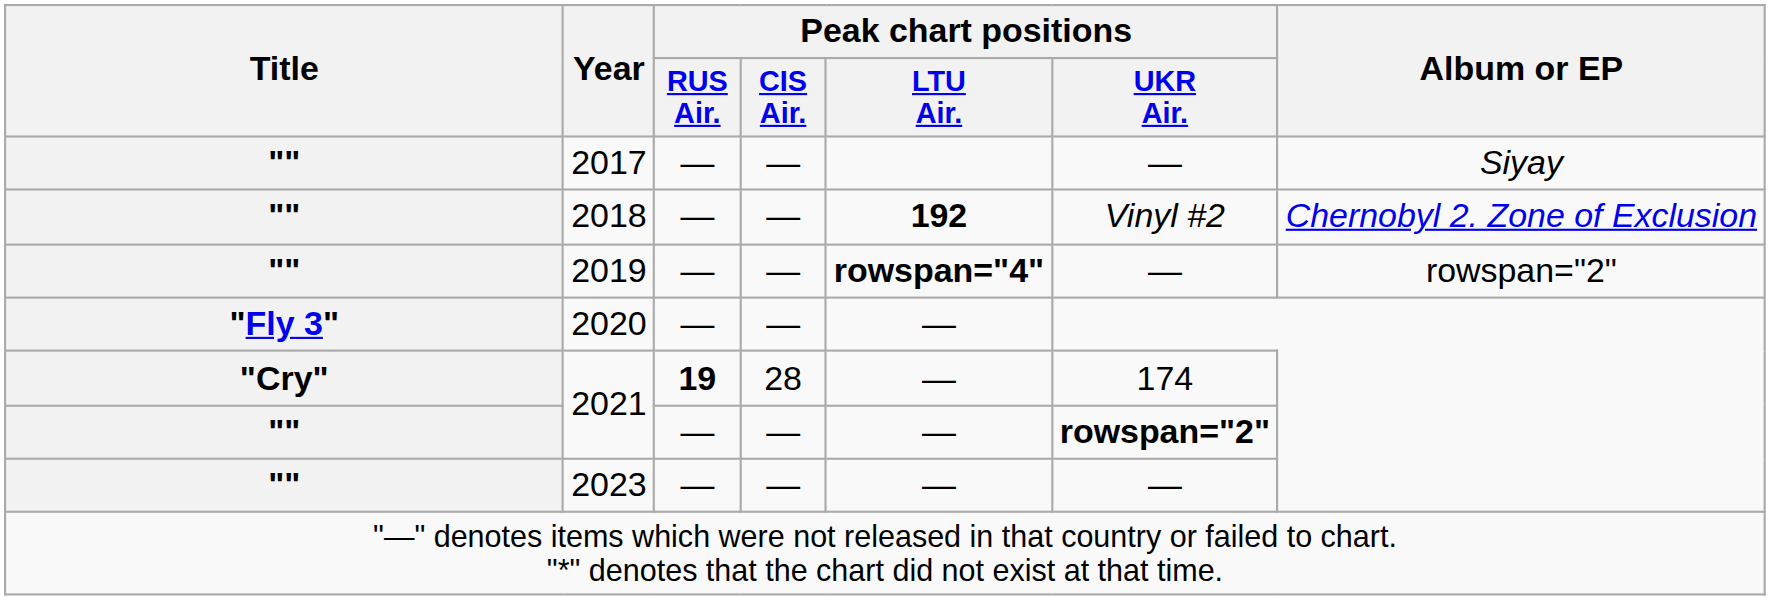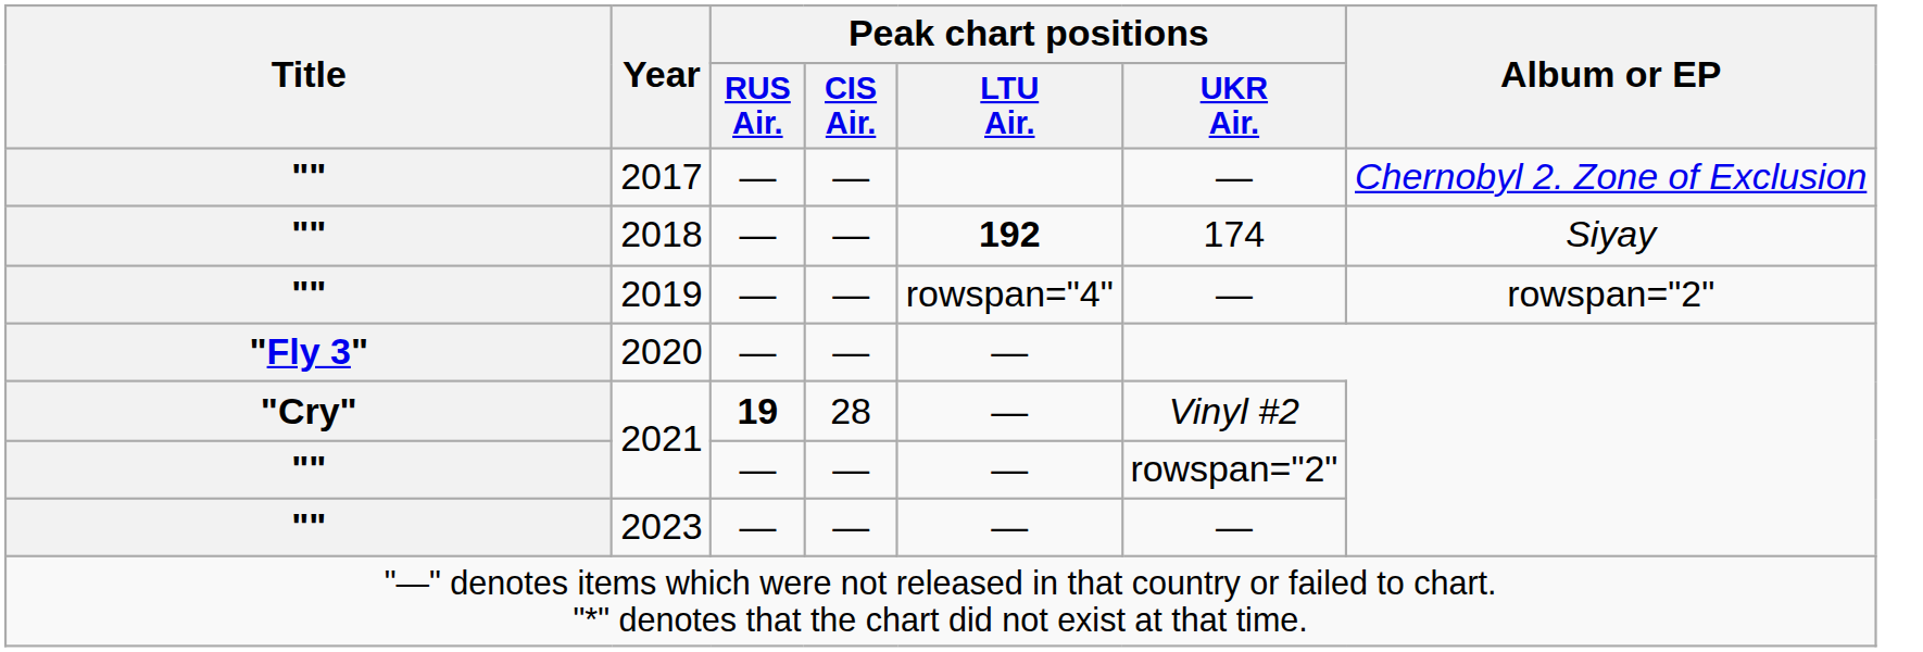 <table class="wikitable plainrowheaders" style="text-align:center;">
 <tr>
 <th rowspan="2" style="width:16em;">Title</th>
 <th rowspan="2" style="width:1em;">Year</th>
 <th colspan="4">Peak chart positions</th>
 <th rowspan="2">Album or EP</th>
 </tr>
 <tr>
 <th scope="col" style="width:2.5em;font-size:85%;"><a href='#'>RUS<br>Air.</a><br></th>
 <th scope="col" style="width:2.5em;font-size:85%;"><a href='#'>CIS<br>Air.</a><br></th>
 <th scope="col" style="width:2.5em;font-size:85%;"><a href='#'>LTU<br>Air.</a><br></th>
 <th scope="col" style="width:2.5em;font-size:85%;"><a href='#'>UKR<br>Air.</a><br></th>
 </tr>
 <tr>
 <th scope="row">""</th>
 <td align="center">2017</td>
 <td>—</td>
 <td>—</td>
 <td></td>
 <td>—</td>
-<td><em>Siyay</em></td>
+<td><em><a href='#'>Chernobyl 2. Zone of Exclusion</a></em><br></td>
 </tr>
 <tr>
 <th scope="row">""</th>
 <td>2018</td>
 <td>—</td>
 <td>—</td>
 <td><strong>192</strong></td>
-<td><em>Vinyl #2</em></td>
-<td><em><a href='#'>Chernobyl 2. Zone of Exclusion</a></em><br></td>
+<td>174</td>
+<td><em>Siyay</em></td>
 </tr>
 <tr>
 <th scope="row">""</th>
 <td>2019</td>
 <td>—</td>
 <td>—</td>
-<td><strong>rowspan="4" </strong></td>
+<td>rowspan="4" </td>
 <td>—</td>
 <td>rowspan="2" </td>
 </tr>
 <tr>
 <th scope="row">"<a href='#'>Fly 3</a>"<br></th>
 <td>2020</td>
 <td>—</td>
 <td>—</td>
 <td>—</td>
 </tr>
 <tr>
 <th scope="row">"Cry"</th>
 <td rowspan="2">2021</td>
 <td><strong>19</strong></td>
 <td>28</td>
 <td>—</td>
-<td>174</td>
+<td><em>Vinyl #2</em></td>
 </tr>
 <tr>
 <th scope="row">""<br></th>
 <td>—</td>
 <td>—</td>
 <td>—</td>
-<td><strong>rowspan="2" </strong></td>
+<td>rowspan="2" </td>
 </tr>
 <tr>
 <th scope="row">""<br></th>
 <td>2023</td>
 <td>—</td>
 <td>—</td>
 <td>—</td>
 <td>—</td>
 </tr>
 <tr>
 <td colspan="7" style="font-size:90%;">"—" denotes items which were not released in that country or failed to chart.<br>"*" denotes that the chart did not exist at that time.</td>
 </tr>
 </table>
